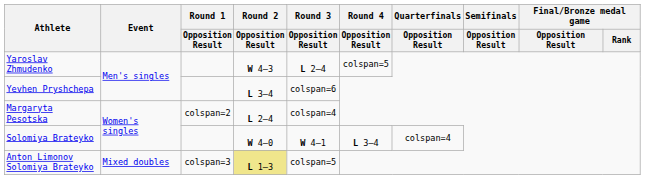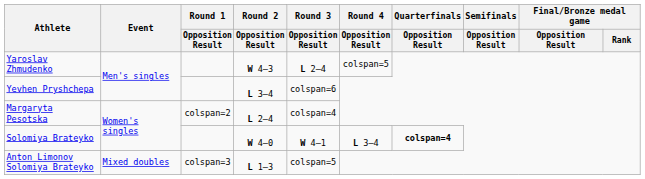 <table class="wikitable" style="text-align:center; font-size:90%">
 <tr>
 <th rowspan=2>Athlete</th>
 <th rowspan=2>Event</th>
 <th>Round 1</th>
 <th>Round 2</th>
 <th>Round 3</th>
 <th>Round 4</th>
 <th>Quarterfinals</th>
 <th>Semifinals</th>
 <th colspan=2>Final/Bronze medal game</th>
 </tr>
 <tr style="font-size:95%">
 <th>Opposition<br>Result</th>
 <th>Opposition<br>Result</th>
 <th>Opposition<br>Result</th>
 <th>Opposition<br>Result</th>
 <th>Opposition<br>Result</th>
 <th>Opposition<br>Result</th>
 <th>Opposition<br>Result</th>
 <th>Rank</th>
 </tr>
 <tr>
 <td align=left><a href='#'>Yaroslav Zhmudenko</a></td>
 <td align=left rowspan=2><a href='#'>Men's singles</a></td>
 <td></td>
 <td><br><strong>W</strong> 4–3</td>
 <td><br><strong>L</strong> 2–4</td>
 <td>colspan=5 </td>
 </tr>
 <tr>
 <td align=left><a href='#'>Yevhen Pryshchepa</a></td>
 <td></td>
 <td><br><strong>L</strong> 3–4</td>
 <td>colspan=6 </td>
 </tr>
 <tr>
 <td align=left><a href='#'>Margaryta Pesotska</a></td>
 <td align=left rowspan=2><a href='#'>Women's singles</a></td>
 <td>colspan=2 </td>
 <td><br><strong>L</strong> 2–4</td>
 <td>colspan=4 </td>
 </tr>
 <tr>
 <td align=left><a href='#'>Solomiya Brateyko</a></td>
 <td></td>
 <td><br><strong>W</strong> 4–0</td>
 <td><br><strong>W</strong> 4–1</td>
 <td><br><strong>L</strong> 3–4</td>
-<td>colspan=4 </td>
+<td><strong>colspan=4 </strong></td>
 </tr>
 <tr>
 <td align=left><a href='#'>Anton Limonov</a><br><a href='#'>Solomiya Brateyko</a></td>
 <td align=left><a href='#'>Mixed doubles</a></td>
 <td>colspan=3 </td>
-<td style="background: khaki;"><br><strong>L</strong> 1–3</td>
+<td><br><strong>L</strong> 1–3</td>
 <td>colspan=5 </td>
 </tr>
 </table>
